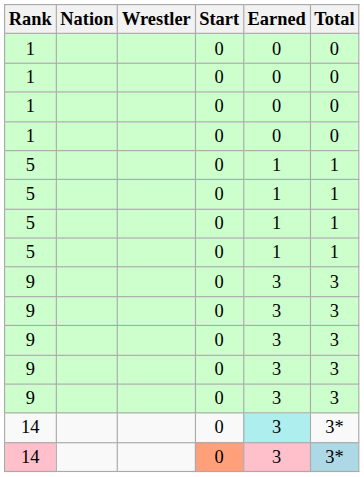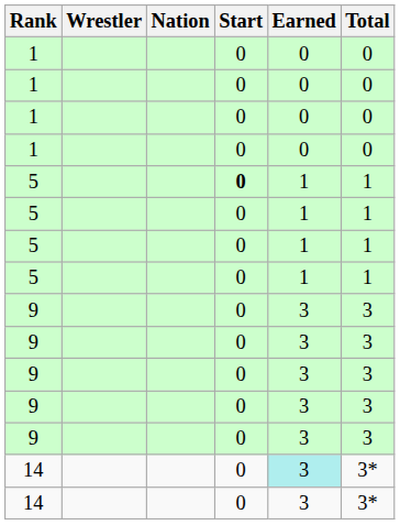 <table class="wikitable sortable" style="text-align:center;">
 <tr>
 <th>Rank</th>
+<th>Wrestler</th>
 <th>Nation</th>
-<th>Wrestler</th>
 <th>Start</th>
 <th>Earned</th>
 <th>Total</th>
 </tr>
 <tr style="background:#cfc;">
 <td>1</td>
 <td align=left></td>
 <td align=left></td>
 <td>0</td>
 <td>0</td>
 <td>0</td>
 </tr>
 <tr style="background:#cfc;">
 <td>1</td>
 <td align=left></td>
 <td align=left></td>
 <td>0</td>
 <td>0</td>
 <td>0</td>
 </tr>
 <tr style="background:#cfc;">
 <td>1</td>
 <td align=left></td>
 <td align=left></td>
 <td>0</td>
 <td>0</td>
 <td>0</td>
 </tr>
 <tr style="background:#cfc;">
 <td>1</td>
 <td align=left></td>
 <td align=left></td>
 <td>0</td>
 <td>0</td>
 <td>0</td>
 </tr>
 <tr style="background:#cfc;">
 <td>5</td>
 <td align=left></td>
 <td align=left></td>
-<td>0</td>
+<td><strong>0</strong></td>
 <td>1</td>
 <td>1</td>
 </tr>
 <tr style="background:#cfc;">
 <td>5</td>
 <td align=left></td>
 <td align=left></td>
 <td>0</td>
 <td>1</td>
 <td>1</td>
 </tr>
 <tr style="background:#cfc;">
 <td>5</td>
 <td align=left></td>
 <td align=left></td>
 <td>0</td>
 <td>1</td>
 <td>1</td>
 </tr>
 <tr style="background:#cfc;">
 <td>5</td>
 <td align=left></td>
 <td align=left></td>
 <td>0</td>
 <td>1</td>
 <td>1</td>
 </tr>
 <tr style="background:#cfc;">
 <td>9</td>
 <td align=left></td>
 <td align=left></td>
 <td>0</td>
 <td>3</td>
 <td>3</td>
 </tr>
 <tr style="background:#cfc;">
 <td>9</td>
 <td align=left></td>
 <td align=left></td>
 <td>0</td>
 <td>3</td>
 <td>3</td>
 </tr>
 <tr style="background:#cfc;">
 <td>9</td>
 <td align=left></td>
 <td align=left></td>
 <td>0</td>
 <td>3</td>
 <td>3</td>
 </tr>
 <tr style="background:#cfc;">
 <td>9</td>
 <td align=left></td>
 <td align=left></td>
 <td>0</td>
 <td>3</td>
 <td>3</td>
 </tr>
 <tr style="background:#cfc;">
 <td>9</td>
 <td align=left></td>
 <td align=left></td>
 <td>0</td>
 <td>3</td>
 <td>3</td>
 </tr>
 <tr>
 <td>14</td>
 <td align=left></td>
 <td align=left></td>
 <td>0</td>
 <td style="background: paleturquoise;">3</td>
 <td>3*</td>
 </tr>
 <tr>
-<td style="background: pink;">14</td>
+<td>14</td>
 <td align=left></td>
 <td align=left></td>
-<td style="background: lightsalmon;">0</td>
-<td style="background: pink;">3</td>
-<td style="background: lightblue;">3*</td>
+<td>0</td>
+<td>3</td>
+<td>3*</td>
 </tr>
 </table>
